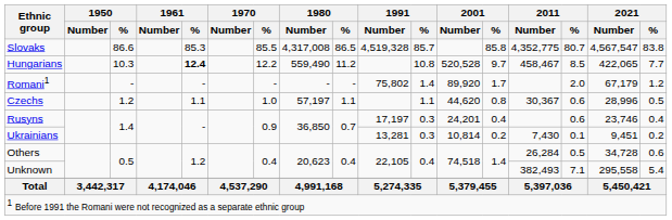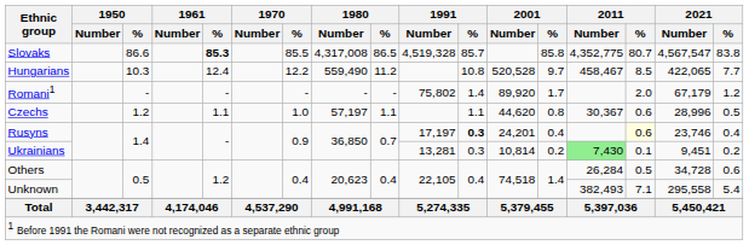 <table class="wikitable">
 <tr>
 <th rowspan="2">Ethnic<br>group</th>
 <th colspan="2">1950</th>
 <th colspan="2">1961</th>
 <th colspan="2">1970</th>
 <th colspan="2">1980</th>
 <th colspan="2">1991</th>
 <th colspan="2">2001</th>
 <th colspan="2">2011</th>
 <th colspan="2">2021</th>
 </tr>
 <tr>
 <th>Number</th>
 <th>%</th>
 <th>Number</th>
 <th>%</th>
 <th>Number</th>
 <th>%</th>
 <th>Number</th>
 <th>%</th>
 <th>Number</th>
 <th>%</th>
 <th>Number</th>
 <th>%</th>
 <th>Number</th>
 <th>%</th>
 <th>Number</th>
 <th>%</th>
 </tr>
 <tr>
 <td><a href='#'>Slovaks</a></td>
 <td align="right"></td>
 <td align="right">86.6</td>
 <td align="right"></td>
-<td align="right">85.3</td>
+<td align="right"><strong>85.3</strong></td>
 <td align="right"></td>
 <td align="right">85.5</td>
 <td align="right">4,317,008</td>
 <td align="right">86.5</td>
 <td align="right">4,519,328</td>
 <td align="right">85.7</td>
 <td align="right"></td>
 <td align="right">85.8</td>
 <td align="right">4,352,775</td>
 <td align="right">80.7</td>
 <td align="right">4,567,547</td>
 <td align="right">83.8</td>
 </tr>
 <tr>
 <td><a href='#'>Hungarians</a></td>
 <td align="right"></td>
 <td align="right">10.3</td>
 <td align="right"></td>
-<td align="right"><strong>12.4</strong></td>
+<td align="right">12.4</td>
 <td align="right"></td>
 <td align="right">12.2</td>
 <td align="right">559,490</td>
 <td align="right">11.2</td>
 <td align="right"></td>
 <td align="right">10.8</td>
 <td align="right">520,528</td>
 <td align="right">9.7</td>
 <td align="right">458,467</td>
 <td align="right">8.5</td>
 <td align="right">422,065</td>
 <td align="right">7.7</td>
 </tr>
 <tr>
 <td><a href='#'>Romani</a><sup>1</sup></td>
 <td align="right"></td>
 <td align="right">-</td>
 <td align="right"></td>
 <td align="right">-</td>
 <td align="right"></td>
 <td align="right">-</td>
 <td align="right">-</td>
 <td align="right">-</td>
 <td align="right">75,802</td>
 <td align="right">1.4</td>
 <td align="right">89,920</td>
 <td align="right">1.7</td>
 <td align="right"></td>
 <td align="right">2.0</td>
 <td align="right">67,179</td>
 <td align="right">1.2</td>
 </tr>
 <tr>
 <td><a href='#'>Czechs</a></td>
 <td align="right"></td>
 <td align="right">1.2</td>
 <td align="right"></td>
 <td align="right">1.1</td>
 <td align="right"></td>
 <td align="right">1.0</td>
 <td align="right">57,197</td>
 <td align="right">1.1</td>
 <td align="right"></td>
 <td align="right">1.1</td>
 <td align="right">44,620</td>
 <td align="right">0.8</td>
 <td align="right">30,367</td>
 <td align="right">0.6</td>
 <td align="right">28,996</td>
 <td align="right">0.5</td>
 </tr>
 <tr>
 <td><a href='#'>Rusyns</a></td>
 <td align="right" rowspan="2"></td>
 <td align="right" rowspan="2">1.4</td>
 <td align="right" rowspan="2"></td>
 <td align="right" rowspan="2">-</td>
 <td align="right" rowspan="2"></td>
 <td align="right" rowspan="2">0.9</td>
 <td align="right" rowspan="2">36,850</td>
 <td align="right" rowspan="2">0.7</td>
 <td align="right">17,197</td>
-<td align="right">0.3</td>
+<td align="right"><strong>0.3</strong></td>
 <td align="right">24,201</td>
 <td align="right">0.4</td>
 <td align="right"></td>
-<td align="right">0.6</td>
+<td align="right" style="background: lightyellow;">0.6</td>
 <td align="right">23,746</td>
 <td align="right">0.4</td>
 </tr>
 <tr>
 <td><a href='#'>Ukrainians</a></td>
 <td align="right">13,281</td>
 <td align="right">0.3</td>
 <td align="right">10,814</td>
 <td align="right">0.2</td>
-<td align="right">7,430</td>
+<td align="right" style="background: lightgreen;">7,430</td>
 <td align="right">0.1</td>
 <td align="right">9,451</td>
 <td align="right">0.2</td>
 </tr>
 <tr>
 <td>Others</td>
 <td rowspan="2" align="right"></td>
 <td rowspan="2" align="right">0.5</td>
 <td rowspan="2" align="right"></td>
 <td rowspan="2" align="right">1.2</td>
 <td rowspan="2" align="right"></td>
 <td rowspan="2" align="right">0.4</td>
 <td rowspan="2" align="right">20,623</td>
 <td rowspan="2" align="right">0.4</td>
 <td rowspan="2" align="right">22,105</td>
 <td rowspan="2" align="right">0.4</td>
 <td rowspan="2" align="right">74,518</td>
 <td rowspan="2" align="right">1.4</td>
 <td align="right">26,284</td>
 <td align="right">0.5</td>
 <td align="right">34,728</td>
 <td align="right">0.6</td>
 </tr>
 <tr>
 <td>Unknown</td>
 <td align="right">382,493</td>
 <td align="right">7.1</td>
 <td align="right">295,558</td>
 <td align="right">5.4</td>
 </tr>
 <tr>
 </tr>
 <tr bgcolor="#e0e0e0">
 <th align="left">Total</th>
 <th colspan="2">3,442,317</th>
 <th colspan="2">4,174,046</th>
 <th colspan="2">4,537,290</th>
 <th colspan="2">4,991,168</th>
 <th colspan="2">5,274,335</th>
 <th colspan="2">5,379,455</th>
 <th colspan="2">5,397,036</th>
 <th colspan="2">5,450,421</th>
 </tr>
 <tr>
 <td colspan="17"><sup>1</sup> <small>Before 1991 the Romani were not recognized as a separate ethnic group</small></td>
 </tr>
 </table>
